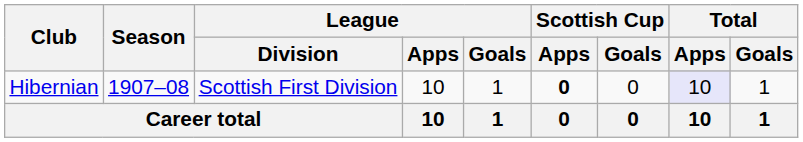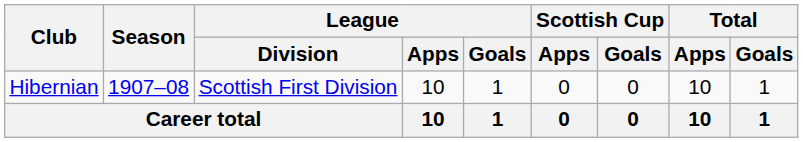 <table class="wikitable" style="text-align: center;">
 <tr>
 <th rowspan="2">Club</th>
 <th rowspan="2">Season</th>
 <th colspan="3">League</th>
 <th colspan="2">Scottish Cup</th>
 <th colspan="2">Total</th>
 </tr>
 <tr>
 <th>Division</th>
 <th>Apps</th>
 <th>Goals</th>
 <th>Apps</th>
 <th>Goals</th>
 <th>Apps</th>
 <th>Goals</th>
 </tr>
 <tr>
 <td><a href='#'>Hibernian</a></td>
 <td><a href='#'>1907–08</a></td>
 <td><a href='#'>Scottish First Division</a></td>
 <td>10</td>
 <td>1</td>
-<td><strong>0</strong></td>
 <td>0</td>
-<td style="background: lavender;">10</td>
+<td>0</td>
+<td>10</td>
 <td>1</td>
 </tr>
 <tr>
 <th colspan="3">Career total</th>
 <th>10</th>
 <th>1</th>
 <th>0</th>
 <th>0</th>
 <th>10</th>
 <th>1</th>
 </tr>
 </table>
